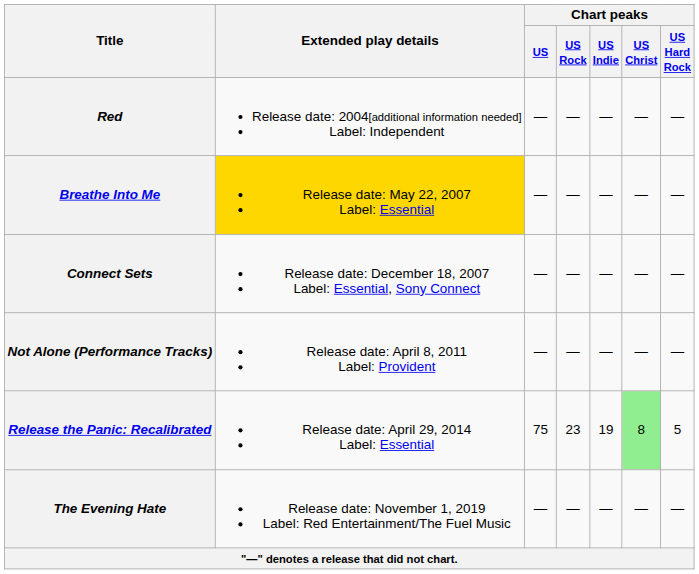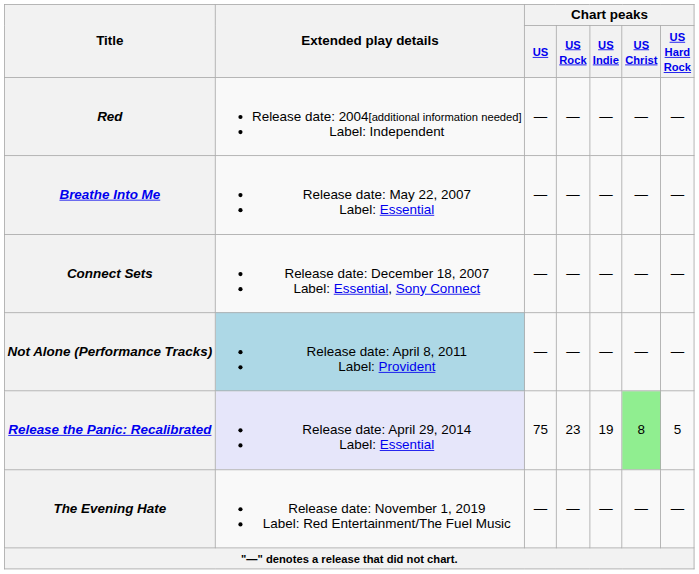 <table class="wikitable plainrowheaders" style="text-align:center;">
 <tr>
 <th rowspan="2">Title</th>
 <th rowspan="2">Extended play details</th>
 <th colspan="5">Chart peaks</th>
 </tr>
 <tr>
 <th style="width:30px;"><small><a href='#'>US</a></small> </th>
 <th style="width:30px;"><small><a href='#'>US Rock</a></small></th>
 <th style="width:30px;"><small><a href='#'>US Indie</a></small></th>
 <th style="width:30px;"><small><a href='#'>US Christ</a></small></th>
 <th style="width:30px;"><small><a href='#'>US Hard Rock</a></small></th>
 </tr>
 <tr>
 <th scope="row"><em>Red</em></th>
 <td><br><ul><li>Release date: 2004<small>[additional information needed]</small></li><li>Label: Independent</li></ul></td>
 <td style="text-align:center;">—</td>
 <td style="text-align:center;">—</td>
 <td style="text-align:center;">—</td>
 <td style="text-align:center;">—</td>
 <td style="text-align:center;">—</td>
 </tr>
 <tr>
 <th scope="row"><em><a href='#'>Breathe Into Me</a></em></th>
-<td style="background: gold;"><br><ul><li>Release date: May 22, 2007</li><li>Label: <a href='#'>Essential</a></li></ul></td>
+<td><br><ul><li>Release date: May 22, 2007</li><li>Label: <a href='#'>Essential</a></li></ul></td>
 <td style="text-align:center;">—</td>
 <td style="text-align:center;">—</td>
 <td style="text-align:center;">—</td>
 <td style="text-align:center;">—</td>
 <td style="text-align:center;">—</td>
 </tr>
 <tr>
 <th scope="row"><em>Connect Sets</em></th>
 <td><br><ul><li>Release date: December 18, 2007</li><li>Label: <a href='#'>Essential</a>, <a href='#'>Sony Connect</a></li></ul></td>
 <td style="text-align:center;">—</td>
 <td style="text-align:center;">—</td>
 <td style="text-align:center;">—</td>
 <td style="text-align:center;">—</td>
 <td style="text-align:center;">—</td>
 </tr>
 <tr>
 <th scope="row"><em>Not Alone (Performance Tracks)</em></th>
-<td><br><ul><li>Release date: April 8, 2011</li><li>Label: <a href='#'>Provident</a></li></ul></td>
+<td style="background: lightblue;"><br><ul><li>Release date: April 8, 2011</li><li>Label: <a href='#'>Provident</a></li></ul></td>
 <td style="text-align:center;">—</td>
 <td style="text-align:center;">—</td>
 <td style="text-align:center;">—</td>
 <td style="text-align:center;">—</td>
 <td style="text-align:center;">—</td>
 </tr>
 <tr>
 <th scope="row"><em><a href='#'>Release the Panic: Recalibrated</a></em></th>
-<td><br><ul><li>Release date: April 29, 2014</li><li>Label: <a href='#'>Essential</a></li></ul></td>
+<td style="background: lavender;"><br><ul><li>Release date: April 29, 2014</li><li>Label: <a href='#'>Essential</a></li></ul></td>
 <td style="text-align:center;">75</td>
 <td style="text-align:center;">23</td>
 <td style="text-align:center;">19</td>
 <td style="background: lightgreen; text-align:center;">8</td>
 <td style="text-align:center;">5</td>
 </tr>
 <tr>
 <th scope="row"><em>The Evening Hate</em></th>
 <td><br><ul><li>Release date: November 1, 2019</li><li>Label: Red Entertainment/The Fuel Music</li></ul></td>
 <td style="text-align:center;">—</td>
 <td style="text-align:center;">—</td>
 <td style="text-align:center;">—</td>
 <td style="text-align:center;">—</td>
 <td style="text-align:center;">—</td>
 </tr>
 <tr>
 <th colspan="8"><small>"—" denotes a release that did not chart.</small></th>
 </tr>
 </table>
